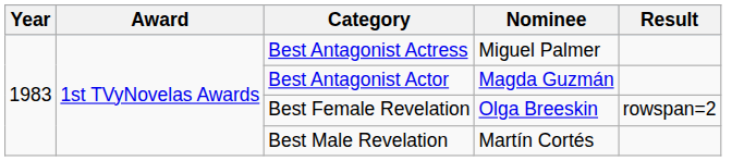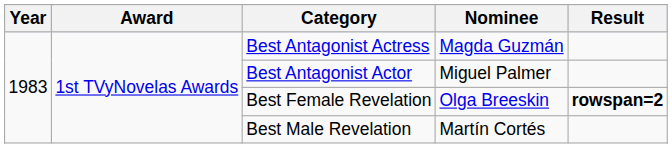 <table class="wikitable">
 <tr style="background:#b0c4de;">
 <th>Year</th>
 <th>Award</th>
 <th>Category</th>
 <th>Nominee</th>
 <th>Result</th>
 </tr>
 <tr>
 <td rowspan=4>1983</td>
 <td rowspan=4><a href='#'>1st TVyNovelas Awards</a></td>
 <td><a href='#'>Best Antagonist Actress</a></td>
-<td>Miguel Palmer</td>
+<td><a href='#'>Magda Guzmán</a></td>
 <td></td>
 </tr>
 <tr>
 <td><a href='#'>Best Antagonist Actor</a></td>
-<td><a href='#'>Magda Guzmán</a></td>
+<td>Miguel Palmer</td>
 <td></td>
 </tr>
 <tr>
 <td>Best Female Revelation</td>
 <td><a href='#'>Olga Breeskin</a></td>
-<td>rowspan=2 </td>
+<td><strong>rowspan=2 </strong></td>
 </tr>
 <tr>
 <td>Best Male Revelation</td>
 <td>Martín Cortés</td>
 </tr>
 </table>
